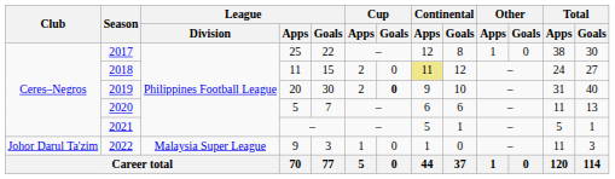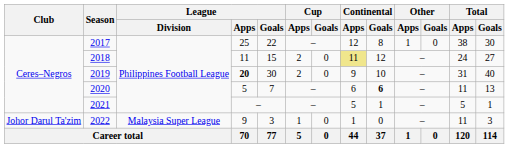 <table class="wikitable" style="text-align:center">
 <tr>
 <th rowspan="2">Club</th>
 <th rowspan="2">Season</th>
 <th colspan="3">League</th>
 <th colspan="2">Cup</th>
 <th colspan="2">Continental</th>
 <th colspan="2">Other</th>
 <th colspan="2">Total</th>
 </tr>
 <tr>
 <th>Division</th>
 <th>Apps</th>
 <th>Goals</th>
 <th>Apps</th>
 <th>Goals</th>
 <th>Apps</th>
 <th>Goals</th>
 <th>Apps</th>
 <th>Goals</th>
 <th>Apps</th>
 <th>Goals</th>
 </tr>
 <tr>
 <td rowspan="5"><a href='#'>Ceres–Negros</a></td>
 <td><a href='#'>2017</a></td>
 <td rowspan="5"><a href='#'>Philippines Football League</a></td>
 <td>25</td>
 <td>22</td>
 <td colspan="2">–</td>
 <td>12</td>
 <td>8</td>
 <td>1</td>
 <td>0</td>
 <td>38</td>
 <td>30</td>
 </tr>
 <tr>
 <td><a href='#'>2018</a></td>
 <td>11</td>
 <td>15</td>
 <td>2</td>
 <td>0</td>
 <td style="background: khaki;">11</td>
 <td>12</td>
 <td colspan="2">–</td>
 <td>24</td>
 <td>27</td>
 </tr>
 <tr>
 <td><a href='#'>2019</a></td>
-<td>20</td>
+<td><strong>20</strong></td>
 <td>30</td>
 <td>2</td>
-<td><strong>0</strong></td>
+<td>0</td>
 <td>9</td>
 <td>10</td>
 <td colspan="2">–</td>
 <td>31</td>
 <td>40</td>
 </tr>
 <tr>
 <td><a href='#'>2020</a></td>
 <td>5</td>
 <td>7</td>
 <td colspan="2">–</td>
 <td>6</td>
-<td>6</td>
+<td><strong>6</strong></td>
 <td colspan="2">–</td>
 <td>11</td>
 <td>13</td>
 </tr>
 <tr>
 <td><a href='#'>2021</a></td>
 <td colspan="2">–</td>
 <td colspan="2">–</td>
 <td>5</td>
 <td>1</td>
 <td colspan="2">–</td>
 <td>5</td>
 <td>1</td>
 </tr>
 <tr>
 <td><a href='#'>Johor Darul Ta'zim</a></td>
 <td><a href='#'>2022</a></td>
 <td><a href='#'>Malaysia Super League</a></td>
 <td>9</td>
 <td>3</td>
 <td>1</td>
 <td>0</td>
 <td>1</td>
 <td>0</td>
 <td colspan="2">–</td>
 <td>11</td>
 <td>3</td>
 </tr>
 <tr>
 <th colspan="3">Career total</th>
 <th>70</th>
 <th>77</th>
 <th>5</th>
 <th>0</th>
 <th>44</th>
 <th>37</th>
 <th>1</th>
 <th>0</th>
 <th>120</th>
 <th>114</th>
 </tr>
 </table>
